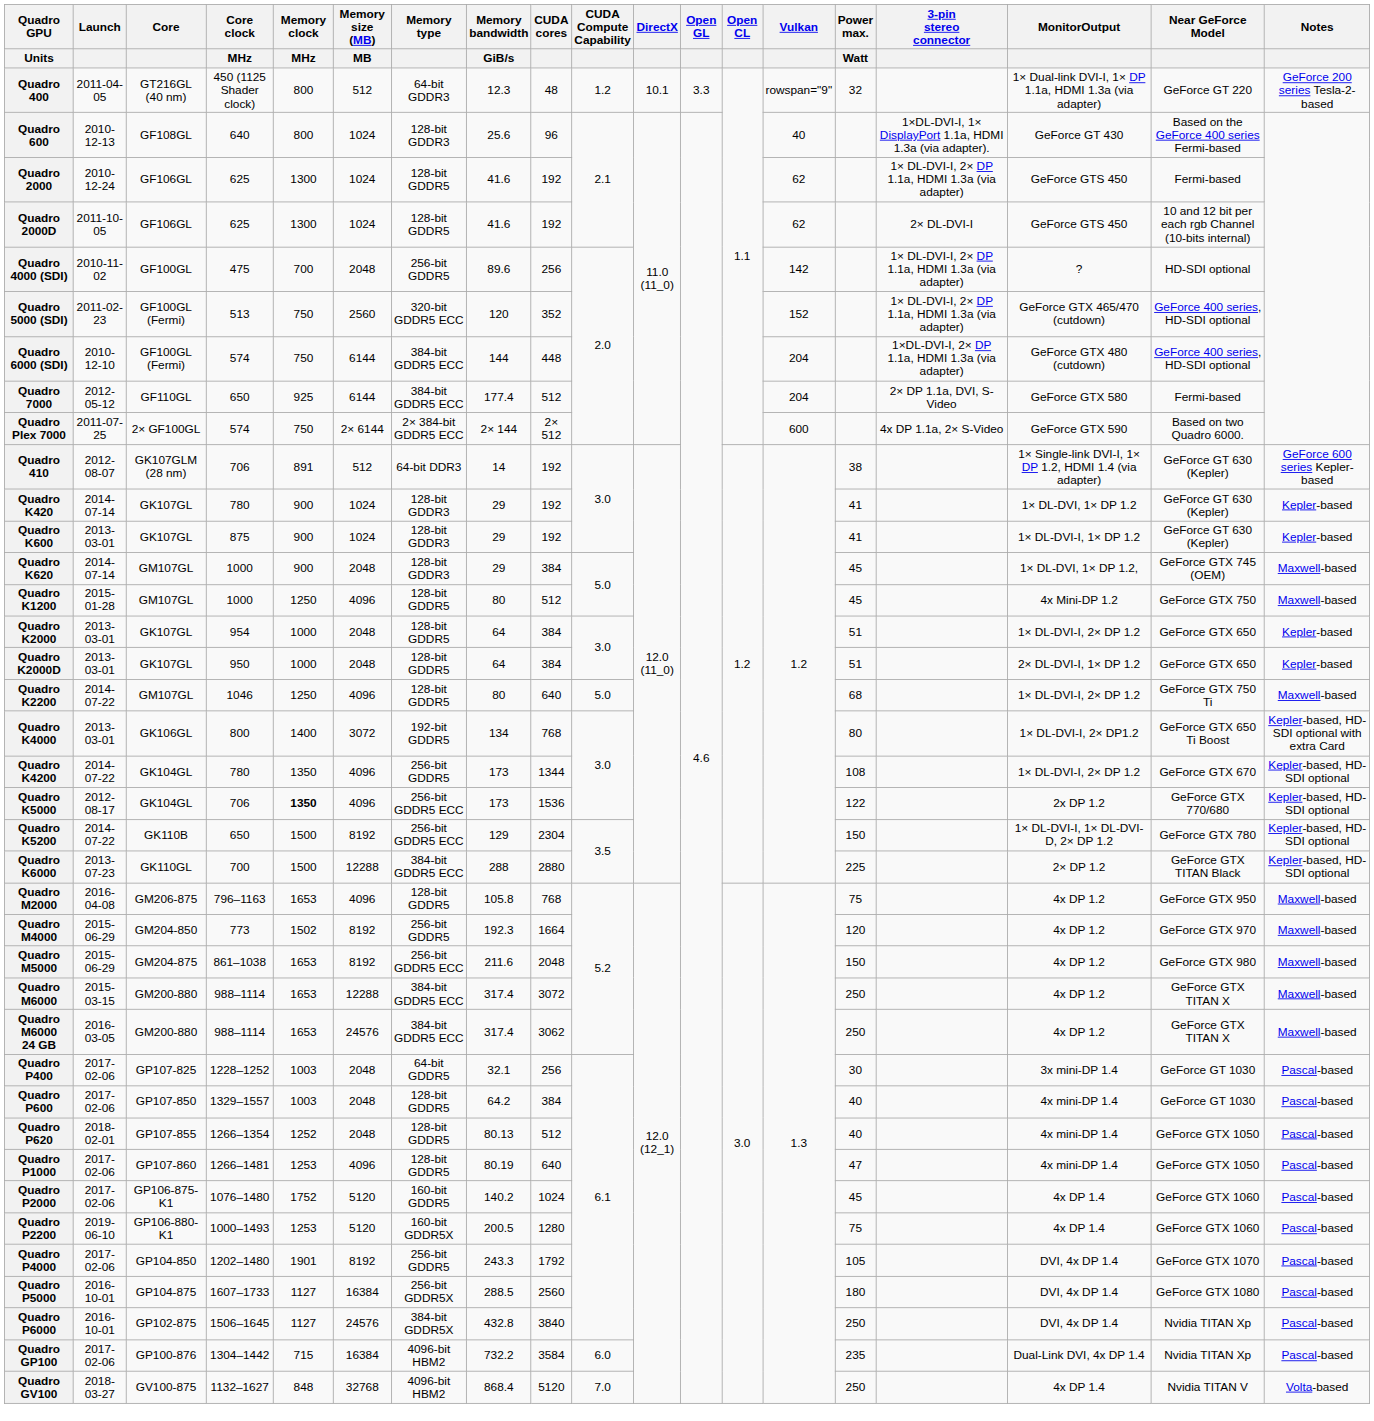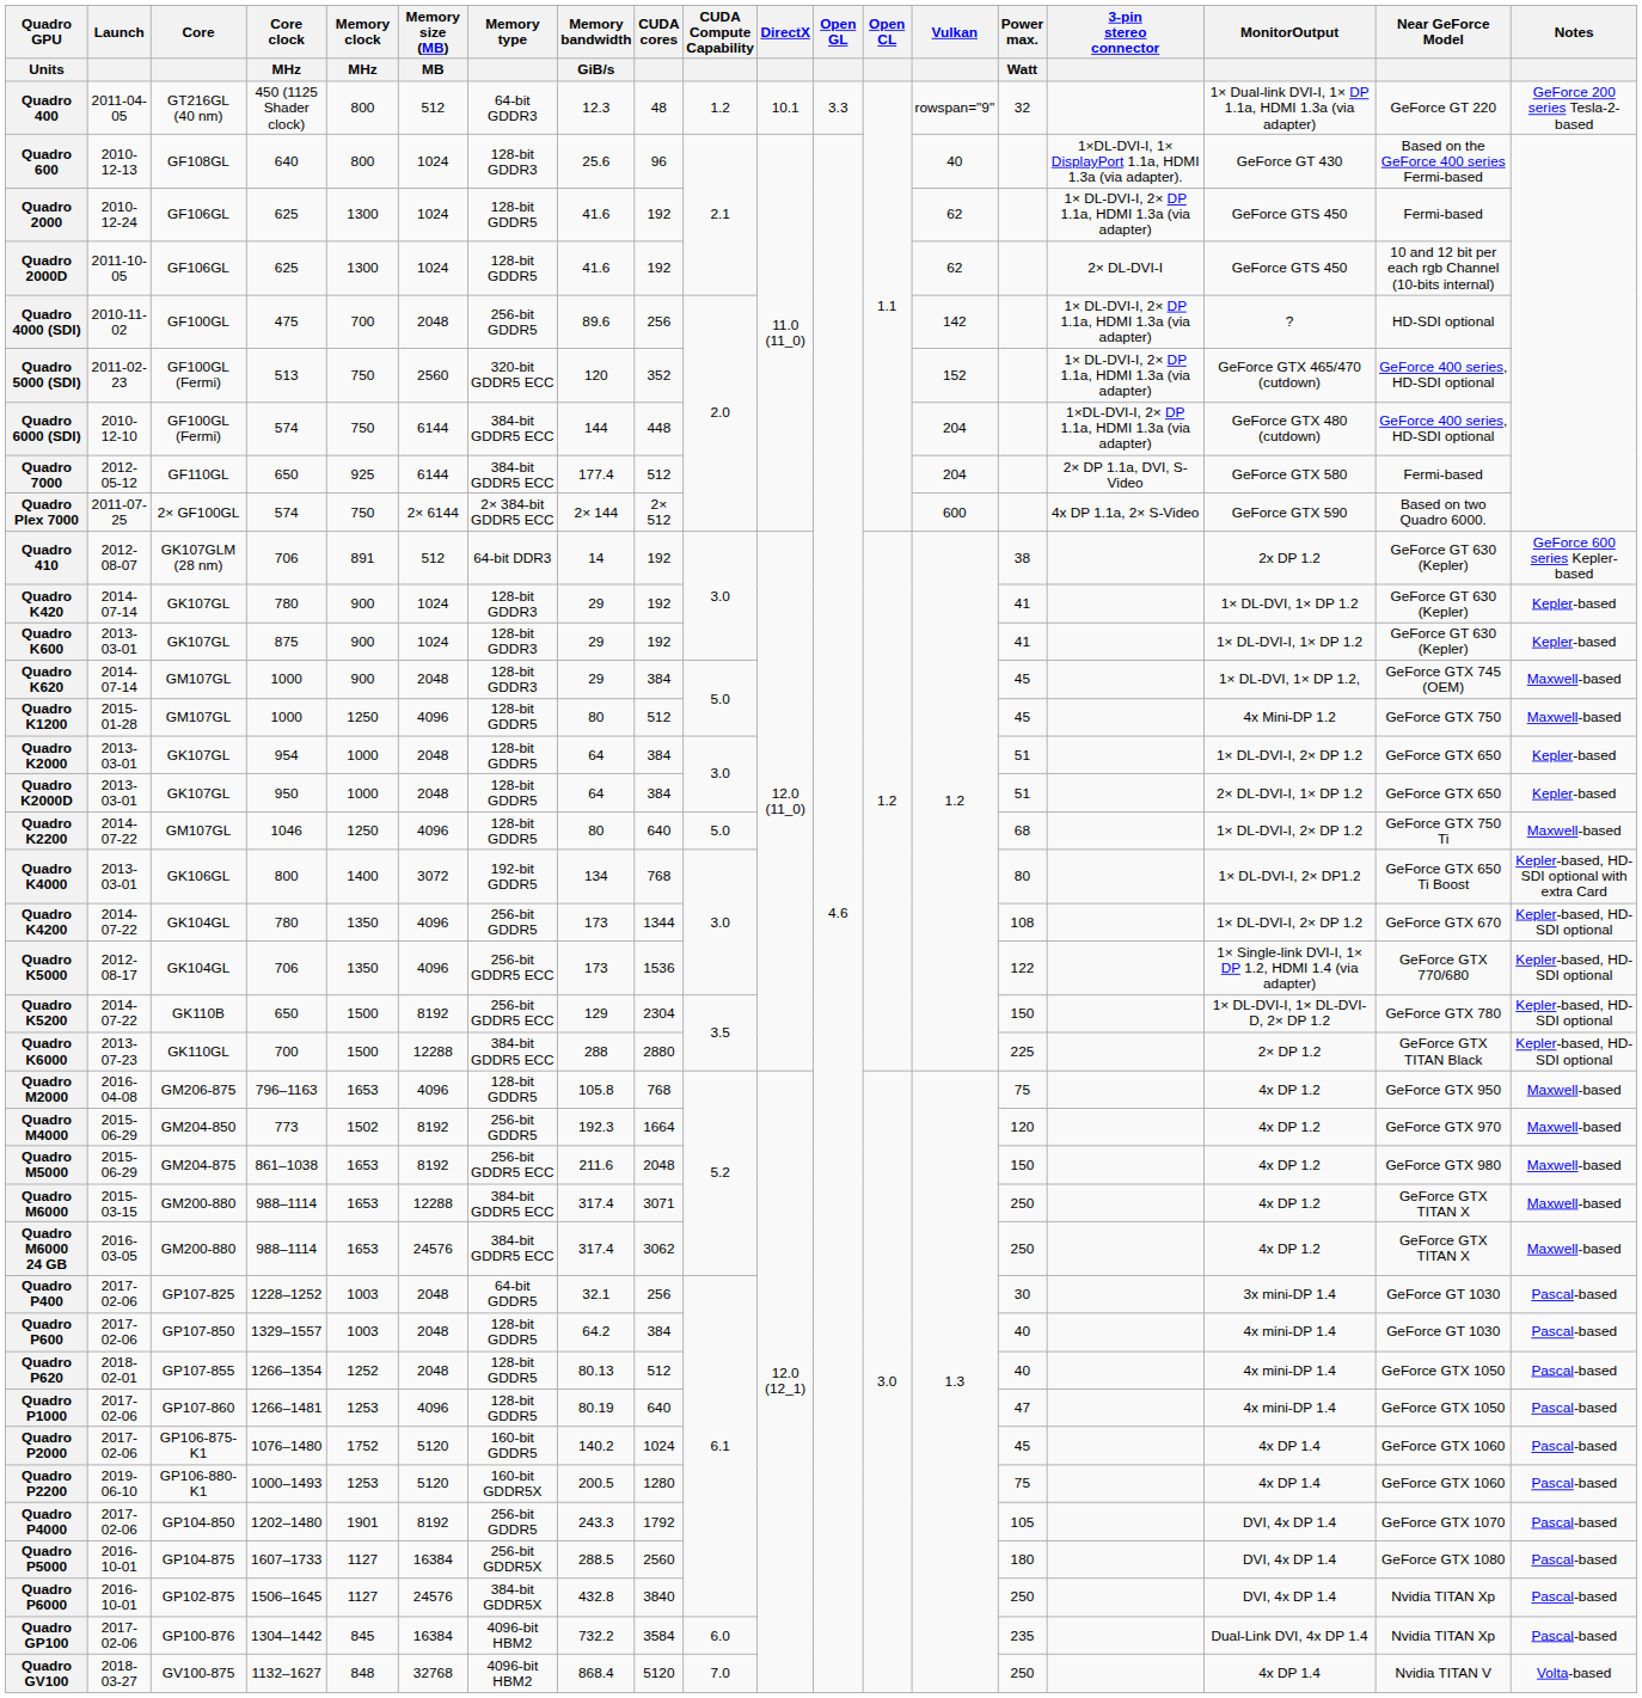 <table class="wikitable sortable" style="font-size:85%; text-align:center;">
 <tr>
 <th>Quadro<br>GPU</th>
 <th>Launch</th>
 <th>Core</th>
 <th>Core<br>clock</th>
 <th>Memory clock</th>
 <th>Memory size<br>(<a href='#'>MB</a>)</th>
 <th>Memory type</th>
 <th>Memory<br>bandwidth</th>
 <th>CUDA<br>cores</th>
 <th>CUDA<br>Compute<br>Capability</th>
 <th><a href='#'>DirectX</a></th>
 <th><a href='#'>Open GL</a></th>
 <th><a href='#'>Open CL</a></th>
 <th><a href='#'>Vulkan</a></th>
 <th>Power<br>max.</th>
 <th><a href='#'>3-pin<br>stereo<br>connector</a></th>
 <th>MonitorOutput</th>
 <th>Near GeForce Model</th>
 <th>Notes</th>
 </tr>
 <tr>
 <th>Units</th>
 <th></th>
 <th></th>
 <th>MHz</th>
 <th>MHz</th>
 <th>MB</th>
 <th></th>
 <th>GiB/s</th>
 <th></th>
 <th></th>
 <th></th>
 <th></th>
 <th></th>
 <th></th>
 <th>Watt</th>
 <th></th>
 <th></th>
 <th></th>
 <th></th>
 </tr>
 <tr>
 <th>Quadro 400</th>
 <td>2011-04-05</td>
 <td>GT216GL (40 nm)</td>
 <td>450 (1125 Shader clock)</td>
 <td>800</td>
 <td>512</td>
 <td>64-bit GDDR3</td>
 <td>12.3</td>
 <td>48</td>
 <td>1.2</td>
 <td>10.1</td>
 <td>3.3</td>
 <td rowspan="9">1.1</td>
 <td>rowspan="9" </td>
 <td>32</td>
 <td>　</td>
 <td>1× Dual-link DVI-I, 1× <a href='#'>DP</a> 1.1a, HDMI 1.3a (via adapter)</td>
 <td>GeForce GT 220</td>
 <td><a href='#'>GeForce 200 series</a> Tesla-2-based</td>
 </tr>
 <tr>
 <th>Quadro 600</th>
 <td>2010-12-13</td>
 <td>GF108GL</td>
 <td>640</td>
 <td>800</td>
 <td>1024</td>
 <td>128-bit GDDR3</td>
 <td>25.6</td>
 <td>96</td>
 <td rowspan="3">2.1</td>
 <td rowspan="8">11.0<br>(11_0)</td>
 <td rowspan="37">4.6</td>
 <td>40</td>
 <td></td>
 <td>1×DL-DVI-I, 1× <a href='#'>DisplayPort</a> 1.1a, HDMI 1.3a (via adapter).</td>
 <td>GeForce GT 430</td>
 <td>Based on the <a href='#'>GeForce 400 series</a> Fermi-based</td>
 </tr>
 <tr>
 <th>Quadro 2000</th>
 <td>2010-12-24</td>
 <td>GF106GL</td>
 <td>625</td>
 <td>1300</td>
 <td>1024</td>
 <td>128-bit GDDR5</td>
 <td>41.6</td>
 <td>192</td>
 <td>62</td>
 <td></td>
 <td>1× DL-DVI-I, 2× <a href='#'>DP</a> 1.1a, HDMI 1.3a (via adapter)</td>
 <td>GeForce GTS 450</td>
 <td>Fermi-based</td>
 </tr>
 <tr>
 <th>Quadro 2000D</th>
 <td>2011-10-05</td>
 <td>GF106GL</td>
 <td>625</td>
 <td>1300</td>
 <td>1024</td>
 <td>128-bit GDDR5</td>
 <td>41.6</td>
 <td>192</td>
 <td>62</td>
 <td></td>
 <td>2× DL-DVI-I</td>
 <td>GeForce GTS 450</td>
 <td>10 and 12 bit per each rgb Channel (10-bits internal)</td>
 </tr>
 <tr>
 <th>Quadro 4000 (SDI)</th>
 <td>2010-11-02</td>
 <td>GF100GL</td>
 <td>475</td>
 <td>700</td>
 <td>2048</td>
 <td>256-bit GDDR5</td>
 <td>89.6</td>
 <td>256</td>
 <td rowspan="5">2.0</td>
 <td>142</td>
 <td></td>
 <td>1× DL-DVI-I, 2× <a href='#'>DP</a> 1.1a, HDMI 1.3a (via adapter)</td>
 <td>?</td>
 <td>HD-SDI optional</td>
 </tr>
 <tr>
 <th>Quadro 5000 (SDI)</th>
 <td>2011-02-23</td>
 <td>GF100GL (Fermi)</td>
 <td>513</td>
 <td>750</td>
 <td>2560</td>
 <td>320-bit GDDR5 ECC</td>
 <td>120</td>
 <td>352</td>
 <td>152</td>
 <td></td>
 <td>1× DL-DVI-I, 2× <a href='#'>DP</a> 1.1a, HDMI 1.3a (via adapter)</td>
 <td>GeForce GTX 465/470 (cutdown)</td>
 <td><a href='#'>GeForce 400 series</a>, HD-SDI optional</td>
 </tr>
 <tr>
 <th>Quadro 6000 (SDI)</th>
 <td>2010-12-10</td>
 <td>GF100GL (Fermi)</td>
 <td>574</td>
 <td>750</td>
 <td>6144</td>
 <td>384-bit GDDR5 ECC</td>
 <td>144</td>
 <td>448</td>
 <td>204</td>
 <td></td>
 <td>1×DL-DVI-I, 2× <a href='#'>DP</a> 1.1a, HDMI 1.3a (via adapter)</td>
 <td>GeForce GTX 480 (cutdown)</td>
 <td><a href='#'>GeForce 400 series</a>, HD-SDI optional</td>
 </tr>
 <tr>
 <th>Quadro 7000</th>
 <td>2012-05-12</td>
 <td>GF110GL</td>
 <td>650</td>
 <td>925</td>
 <td>6144</td>
 <td>384-bit GDDR5 ECC</td>
 <td>177.4</td>
 <td>512</td>
 <td>204</td>
 <td></td>
 <td>2× DP 1.1a, DVI, S-Video</td>
 <td>GeForce GTX 580</td>
 <td>Fermi-based</td>
 </tr>
 <tr>
 <th>Quadro Plex 7000</th>
 <td>2011-07-25</td>
 <td>2× GF100GL</td>
 <td>574</td>
 <td>750</td>
 <td>2× 6144</td>
 <td>2× 384-bit GDDR5 ECC</td>
 <td>2× 144</td>
 <td>2× 512</td>
 <td>600</td>
 <td></td>
 <td>4x DP 1.1a, 2× S-Video</td>
 <td>GeForce GTX 590</td>
 <td>Based on two Quadro 6000.</td>
 </tr>
 <tr>
 <th>Quadro 410</th>
 <td>2012-08-07</td>
 <td>GK107GLM (28 nm)</td>
 <td>706</td>
 <td>891</td>
 <td>512</td>
 <td>64-bit DDR3</td>
 <td>14</td>
 <td>192</td>
 <td rowspan="3">3.0</td>
 <td rowspan="13">12.0<br>(11_0)</td>
 <td rowspan="13">1.2</td>
 <td rowspan="13">1.2</td>
 <td>38</td>
 <td></td>
-<td>1× Single-link DVI-I, 1× <a href='#'>DP</a> 1.2, HDMI 1.4 (via adapter)</td>
+<td>2x DP 1.2</td>
 <td>GeForce GT 630 (Kepler)</td>
 <td><a href='#'>GeForce 600 series</a> Kepler-based</td>
 </tr>
 <tr>
 <th>Quadro K420</th>
 <td>2014-07-14</td>
 <td>GK107GL</td>
 <td>780</td>
 <td>900</td>
 <td>1024</td>
 <td>128-bit GDDR3</td>
 <td>29</td>
 <td>192</td>
 <td>41</td>
 <td></td>
 <td>1× DL-DVI, 1× DP 1.2</td>
 <td>GeForce GT 630 (Kepler)</td>
 <td><a href='#'>Kepler</a>-based</td>
 </tr>
 <tr>
 <th>Quadro K600</th>
 <td>2013-03-01</td>
 <td>GK107GL</td>
 <td>875</td>
 <td>900</td>
 <td>1024</td>
 <td>128-bit GDDR3</td>
 <td>29</td>
 <td>192</td>
 <td>41</td>
 <td></td>
 <td>1× DL-DVI-I, 1× DP 1.2</td>
 <td>GeForce GT 630 (Kepler)</td>
 <td><a href='#'>Kepler</a>-based</td>
 </tr>
 <tr>
 <th>Quadro K620</th>
 <td>2014-07-14</td>
 <td>GM107GL</td>
 <td>1000</td>
 <td>900</td>
 <td>2048</td>
 <td>128-bit GDDR3</td>
 <td>29</td>
 <td>384</td>
 <td rowspan="2">5.0</td>
 <td>45</td>
 <td></td>
 <td>1× DL-DVI, 1× DP 1.2,</td>
 <td>GeForce GTX 745 (OEM)</td>
 <td><a href='#'>Maxwell</a>-based</td>
 </tr>
 <tr>
 <th>Quadro K1200</th>
 <td>2015-01-28</td>
 <td>GM107GL</td>
 <td>1000</td>
 <td>1250</td>
 <td>4096</td>
 <td>128-bit GDDR5</td>
 <td>80</td>
 <td>512</td>
 <td>45</td>
 <td></td>
 <td>4x Mini-DP 1.2</td>
 <td>GeForce GTX 750</td>
 <td><a href='#'>Maxwell</a>-based</td>
 </tr>
 <tr>
 <th>Quadro K2000</th>
 <td>2013-03-01</td>
 <td>GK107GL</td>
 <td>954</td>
 <td>1000</td>
 <td>2048</td>
 <td>128-bit GDDR5</td>
 <td>64</td>
 <td>384</td>
 <td rowspan="2">3.0</td>
 <td>51</td>
 <td></td>
 <td>1× DL-DVI-I, 2× DP 1.2</td>
 <td>GeForce GTX 650</td>
 <td><a href='#'>Kepler</a>-based</td>
 </tr>
 <tr>
 <th>Quadro K2000D</th>
 <td>2013-03-01</td>
 <td>GK107GL</td>
 <td>950</td>
 <td>1000</td>
 <td>2048</td>
 <td>128-bit GDDR5</td>
 <td>64</td>
 <td>384</td>
 <td>51</td>
 <td></td>
 <td>2× DL-DVI-I, 1× DP 1.2</td>
 <td>GeForce GTX 650</td>
 <td><a href='#'>Kepler</a>-based</td>
 </tr>
 <tr>
 <th>Quadro K2200</th>
 <td>2014-07-22</td>
 <td>GM107GL</td>
 <td>1046</td>
 <td>1250</td>
 <td>4096</td>
 <td>128-bit GDDR5</td>
 <td>80</td>
 <td>640</td>
 <td>5.0</td>
 <td>68</td>
 <td></td>
 <td>1× DL-DVI-I, 2× DP 1.2</td>
 <td>GeForce GTX 750 Ti</td>
 <td><a href='#'>Maxwell</a>-based</td>
 </tr>
 <tr>
 <th>Quadro K4000</th>
 <td>2013-03-01</td>
 <td>GK106GL</td>
 <td>800</td>
 <td>1400</td>
 <td>3072</td>
 <td>192-bit GDDR5</td>
 <td>134</td>
 <td>768</td>
 <td rowspan="3">3.0</td>
 <td>80</td>
 <td></td>
 <td>1× DL-DVI-I, 2× DP1.2</td>
 <td>GeForce GTX 650 Ti Boost</td>
 <td><a href='#'>Kepler</a>-based, HD-SDI optional with extra Card</td>
 </tr>
 <tr>
 <th>Quadro K4200</th>
 <td>2014-07-22</td>
 <td>GK104GL</td>
 <td>780</td>
 <td>1350</td>
 <td>4096</td>
 <td>256-bit GDDR5</td>
 <td>173</td>
 <td>1344</td>
 <td>108</td>
 <td></td>
 <td>1× DL-DVI-I, 2× DP 1.2</td>
 <td>GeForce GTX 670</td>
 <td><a href='#'>Kepler</a>-based, HD-SDI optional</td>
 </tr>
 <tr>
 <th>Quadro K5000</th>
 <td>2012-08-17</td>
 <td>GK104GL</td>
 <td>706</td>
-<td><strong>1350</strong></td>
+<td>1350</td>
 <td>4096</td>
 <td>256-bit GDDR5 ECC</td>
 <td>173</td>
 <td>1536</td>
 <td>122</td>
 <td></td>
-<td>2x DP 1.2</td>
+<td>1× Single-link DVI-I, 1× <a href='#'>DP</a> 1.2, HDMI 1.4 (via adapter)</td>
 <td>GeForce GTX 770/680</td>
 <td><a href='#'>Kepler</a>-based, HD-SDI optional</td>
 </tr>
 <tr>
 <th>Quadro K5200</th>
 <td>2014-07-22</td>
 <td>GK110B</td>
 <td>650</td>
 <td>1500</td>
 <td>8192</td>
 <td>256-bit GDDR5 ECC</td>
 <td>129</td>
 <td>2304</td>
 <td rowspan="2">3.5</td>
 <td>150</td>
 <td></td>
 <td>1× DL-DVI-I, 1× DL-DVI-D, 2× DP 1.2</td>
 <td>GeForce GTX 780</td>
 <td><a href='#'>Kepler</a>-based, HD-SDI optional</td>
 </tr>
 <tr>
 <th>Quadro K6000</th>
 <td>2013-07-23</td>
 <td>GK110GL</td>
 <td>700</td>
 <td>1500</td>
 <td>12288</td>
 <td>384-bit GDDR5 ECC</td>
 <td>288</td>
 <td>2880</td>
 <td>225</td>
 <td></td>
 <td>2× DP 1.2</td>
 <td>GeForce GTX TITAN Black</td>
 <td><a href='#'>Kepler</a>-based, HD-SDI optional</td>
 </tr>
 <tr>
 <th>Quadro M2000</th>
 <td>2016-04-08</td>
 <td>GM206-875</td>
 <td>796–1163</td>
 <td>1653</td>
 <td>4096</td>
 <td>128-bit GDDR5</td>
 <td>105.8</td>
 <td>768</td>
 <td rowspan="5">5.2</td>
 <td rowspan="16">12.0<br>(12_1)</td>
 <td rowspan="16">3.0</td>
 <td rowspan="16">1.3</td>
 <td>75</td>
 <td></td>
 <td>4x DP 1.2</td>
 <td>GeForce GTX 950</td>
 <td><a href='#'>Maxwell</a>-based</td>
 </tr>
 <tr>
 <th>Quadro M4000</th>
 <td>2015-06-29</td>
 <td>GM204-850</td>
 <td>773</td>
 <td>1502</td>
 <td>8192</td>
 <td>256-bit GDDR5</td>
 <td>192.3</td>
 <td>1664</td>
 <td>120</td>
 <td></td>
 <td>4x DP 1.2</td>
 <td>GeForce GTX 970</td>
 <td><a href='#'>Maxwell</a>-based</td>
 </tr>
 <tr>
 <th>Quadro M5000</th>
 <td>2015-06-29</td>
 <td>GM204-875</td>
 <td>861–1038</td>
 <td>1653</td>
 <td>8192</td>
 <td>256-bit GDDR5 ECC</td>
 <td>211.6</td>
 <td>2048</td>
 <td>150</td>
 <td></td>
 <td>4x DP 1.2</td>
 <td>GeForce GTX 980</td>
 <td><a href='#'>Maxwell</a>-based</td>
 </tr>
 <tr>
 <th>Quadro M6000</th>
 <td>2015-03-15</td>
 <td>GM200-880</td>
 <td>988–1114</td>
 <td>1653</td>
 <td>12288</td>
 <td>384-bit GDDR5 ECC</td>
 <td>317.4</td>
-<td>3072</td>
+<td>3071</td>
 <td>250</td>
 <td></td>
 <td>4x DP 1.2</td>
 <td>GeForce GTX TITAN X</td>
 <td><a href='#'>Maxwell</a>-based</td>
 </tr>
 <tr>
 <th>Quadro M6000 24 GB</th>
 <td>2016-03-05</td>
 <td>GM200-880</td>
 <td>988–1114</td>
 <td>1653</td>
 <td>24576</td>
 <td>384-bit GDDR5 ECC</td>
 <td>317.4</td>
 <td>3062</td>
 <td>250</td>
 <td></td>
 <td>4x DP 1.2</td>
 <td>GeForce GTX TITAN X</td>
 <td><a href='#'>Maxwell</a>-based</td>
 </tr>
 <tr>
 <th>Quadro P400</th>
 <td>2017-02-06</td>
 <td>GP107-825</td>
 <td>1228–1252</td>
 <td>1003</td>
 <td>2048</td>
 <td>64-bit GDDR5</td>
 <td>32.1</td>
 <td>256</td>
 <td rowspan="9">6.1</td>
 <td>30</td>
 <td></td>
 <td>3x mini-DP 1.4</td>
 <td>GeForce GT 1030</td>
 <td><a href='#'>Pascal</a>-based</td>
 </tr>
 <tr>
 <th>Quadro P600</th>
 <td>2017-02-06</td>
 <td>GP107-850</td>
 <td>1329–1557</td>
 <td>1003</td>
 <td>2048</td>
 <td>128-bit GDDR5</td>
 <td>64.2</td>
 <td>384</td>
 <td>40</td>
 <td></td>
 <td>4x mini-DP 1.4</td>
 <td>GeForce GT 1030</td>
 <td><a href='#'>Pascal</a>-based</td>
 </tr>
 <tr>
 <th>Quadro P620</th>
 <td>2018-02-01</td>
 <td>GP107-855</td>
 <td>1266–1354</td>
 <td>1252</td>
 <td>2048</td>
 <td>128-bit GDDR5</td>
 <td>80.13</td>
 <td>512</td>
 <td>40</td>
 <td></td>
 <td>4x mini-DP 1.4</td>
 <td>GeForce GTX 1050</td>
 <td><a href='#'>Pascal</a>-based</td>
 </tr>
 <tr>
 <th>Quadro P1000</th>
 <td>2017-02-06</td>
 <td>GP107-860</td>
 <td>1266–1481</td>
 <td>1253</td>
 <td>4096</td>
 <td>128-bit GDDR5</td>
 <td>80.19</td>
 <td>640</td>
 <td>47</td>
 <td></td>
 <td>4x mini-DP 1.4</td>
 <td>GeForce GTX 1050</td>
 <td><a href='#'>Pascal</a>-based</td>
 </tr>
 <tr>
 <th>Quadro P2000</th>
 <td>2017-02-06</td>
 <td>GP106-875-K1</td>
 <td>1076–1480</td>
 <td>1752</td>
 <td>5120</td>
 <td>160-bit GDDR5</td>
 <td>140.2</td>
 <td>1024</td>
 <td>45</td>
 <td></td>
 <td>4x DP 1.4</td>
 <td>GeForce GTX 1060</td>
 <td><a href='#'>Pascal</a>-based</td>
 </tr>
 <tr>
 <th>Quadro P2200</th>
 <td>2019-06-10</td>
 <td>GP106-880-K1</td>
 <td>1000–1493</td>
 <td>1253</td>
 <td>5120</td>
 <td>160-bit GDDR5X</td>
 <td>200.5</td>
 <td>1280</td>
 <td>75</td>
 <td></td>
 <td>4x DP 1.4</td>
 <td>GeForce GTX 1060</td>
 <td><a href='#'>Pascal</a>-based</td>
 </tr>
 <tr>
 <th>Quadro P4000</th>
 <td>2017-02-06</td>
 <td>GP104-850</td>
 <td>1202–1480</td>
 <td>1901</td>
 <td>8192</td>
 <td>256-bit GDDR5</td>
 <td>243.3</td>
 <td>1792</td>
 <td>105</td>
 <td></td>
 <td>DVI, 4x DP 1.4</td>
 <td>GeForce GTX 1070</td>
 <td><a href='#'>Pascal</a>-based</td>
 </tr>
 <tr>
 <th>Quadro P5000</th>
 <td>2016-10-01</td>
 <td>GP104-875</td>
 <td>1607–1733</td>
 <td>1127</td>
 <td>16384</td>
 <td>256-bit GDDR5X</td>
 <td>288.5</td>
 <td>2560</td>
 <td>180</td>
 <td></td>
 <td>DVI, 4x DP 1.4</td>
 <td>GeForce GTX 1080</td>
 <td><a href='#'>Pascal</a>-based</td>
 </tr>
 <tr>
 <th>Quadro P6000</th>
 <td>2016-10-01</td>
 <td>GP102-875</td>
 <td>1506–1645</td>
 <td>1127</td>
 <td>24576</td>
 <td>384-bit GDDR5X</td>
 <td>432.8</td>
 <td>3840</td>
 <td>250</td>
 <td></td>
 <td>DVI, 4x DP 1.4</td>
 <td>Nvidia TITAN Xp</td>
 <td><a href='#'>Pascal</a>-based</td>
 </tr>
 <tr>
 <th>Quadro GP100</th>
 <td>2017-02-06</td>
 <td>GP100-876</td>
 <td>1304–1442</td>
-<td>715</td>
+<td>845</td>
 <td>16384</td>
 <td>4096-bit HBM2</td>
 <td>732.2</td>
 <td>3584</td>
 <td>6.0</td>
 <td>235</td>
 <td></td>
 <td>Dual-Link DVI, 4x DP 1.4</td>
 <td>Nvidia TITAN Xp</td>
 <td><a href='#'>Pascal</a>-based</td>
 </tr>
 <tr>
 <th>Quadro GV100</th>
 <td>2018-03-27</td>
 <td>GV100-875</td>
 <td>1132–1627</td>
 <td>848</td>
 <td>32768</td>
 <td>4096-bit HBM2</td>
 <td>868.4</td>
 <td>5120</td>
 <td>7.0</td>
 <td>250</td>
 <td></td>
 <td>4x DP 1.4</td>
 <td>Nvidia TITAN V</td>
 <td><a href='#'>Volta</a>-based</td>
 </tr>
 </table>
